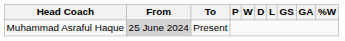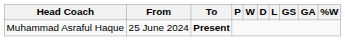 <table class="wikitable sortable" style="text-align: center">
 <tr>
 <th>Head Coach</th>
 <th class="unsortable">From</th>
 <th class="unsortable">To</th>
 <th abbr="3">P</th>
 <th abbr="1">W</th>
 <th abbr="1">D</th>
 <th abbr="1">L</th>
 <th abbr="4">GS</th>
 <th abbr="6">GA</th>
 <th abbr="50">%W</th>
 </tr>
 <tr>
 <td align="left"> Muhammad Asraful Haque</td>
-<td align="left" style="background: lightgrey;">25 June 2024</td>
-<td align="left">Present<br></td>
+<td align="left">25 June 2024</td>
+<td align="left"><strong>Present<br></strong></td>
 </tr>
 </table>
